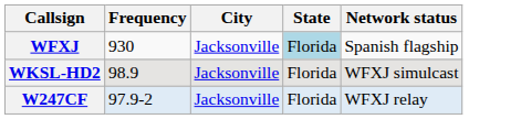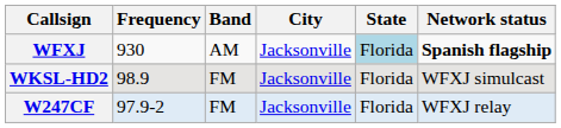 <table class="wikitable sortable">
 <tr>
 <th scope="col">Callsign</th>
 <th scope="col">Frequency</th>
+<th scope="col">Band</th>
 <th scope="col">City</th>
 <th scope="col">State</th>
 <th scope="col">Network status</th>
 </tr>
 <tr>
 <th scope = "row"><a href='#'>WFXJ</a></th>
 <td data-sort-value=000930>930</td>
+<td>AM</td>
 <td><a href='#'>Jacksonville</a></td>
 <td style="background: lightblue;">Florida</td>
-<td>Spanish flagship</td>
+<td><strong>Spanish flagship</strong></td>
 </tr>
 <tr style="background-color:#E5E4E2;">
 <th scope = "row"><a href='#'>WKSL-HD2</a></th>
 <td data-sort-value=098990>98.9</td>
+<td>FM</td>
 <td><a href='#'>Jacksonville</a></td>
 <td>Florida</td>
 <td>WFXJ simulcast</td>
 </tr>
 <tr style="background-color:#DFEBF6;">
 <th scope = "row"><a href='#'>W247CF</a></th>
 <td data-sort-value=097920>97.9-2</td>
+<td>FM</td>
 <td><a href='#'>Jacksonville</a></td>
 <td>Florida</td>
 <td>WFXJ relay</td>
 </tr>
 </table>
